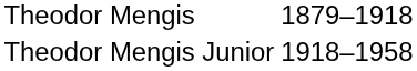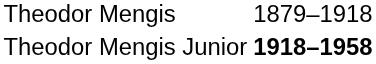 <table>
 <tr>
 <td>Theodor Mengis</td>
 <td>1879–1918</td>
 </tr>
 <tr>
 <td>Theodor Mengis Junior</td>
-<td>1918–1958</td>
+<td><strong>1918–1958</strong></td>
 </tr>
 </table>
